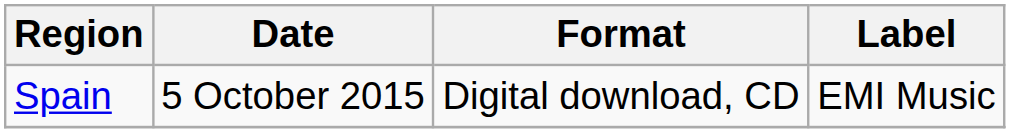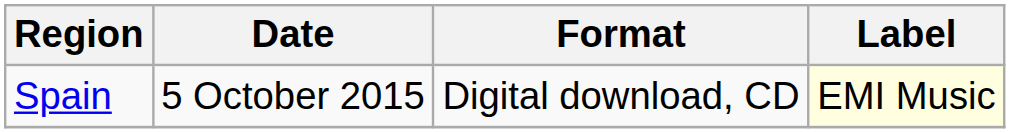 <table class=wikitable>
 <tr>
 <th>Region</th>
 <th>Date</th>
 <th>Format</th>
 <th>Label</th>
 </tr>
 <tr>
 <td><a href='#'>Spain</a></td>
 <td>5 October 2015</td>
 <td>Digital download, CD</td>
-<td>EMI Music</td>
+<td style="background: lightyellow;">EMI Music</td>
 </tr>
 <tr>
 </tr>
 </table>
